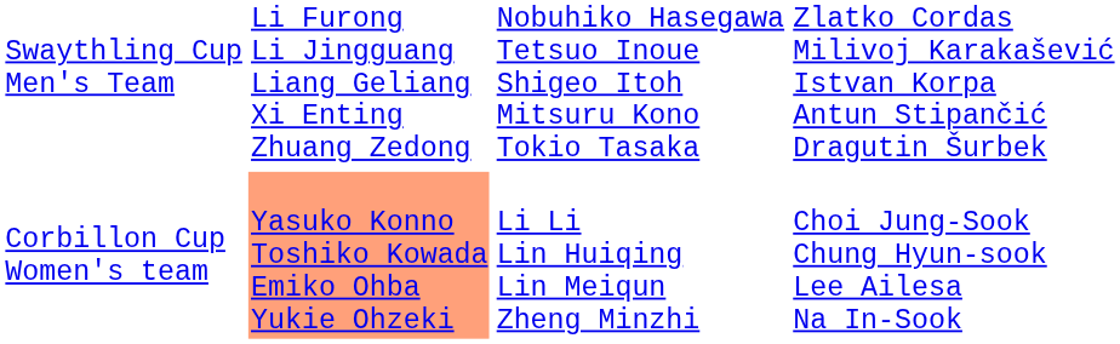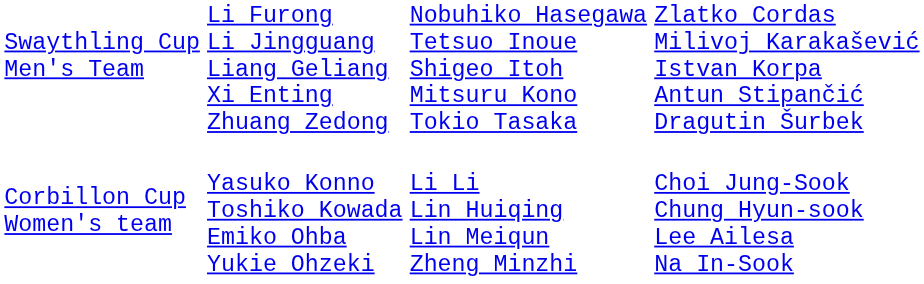 <table>
 <tr>
 <td><a href='#'>Swaythling Cup<br>Men's Team</a></td>
 <td><br><a href='#'>Li Furong</a><br><a href='#'>Li Jingguang</a><br><a href='#'>Liang Geliang</a><br><a href='#'>Xi Enting</a><br><a href='#'>Zhuang Zedong</a></td>
 <td><br><a href='#'>Nobuhiko Hasegawa</a><br><a href='#'>Tetsuo Inoue</a><br><a href='#'>Shigeo Itoh</a><br><a href='#'>Mitsuru Kono</a><br><a href='#'>Tokio Tasaka</a></td>
 <td><br><a href='#'>Zlatko Cordas</a><br><a href='#'>Milivoj Karakašević</a><br><a href='#'>Istvan Korpa</a><br><a href='#'>Antun Stipančić</a><br><a href='#'>Dragutin Šurbek</a></td>
 </tr>
 <tr>
 <td><a href='#'>Corbillon Cup<br>Women's team</a></td>
-<td style="background: lightsalmon;"><br><a href='#'>Yasuko Konno</a><br><a href='#'>Toshiko Kowada</a><br><a href='#'>Emiko Ohba</a><br><a href='#'>Yukie Ohzeki</a></td>
+<td><br><a href='#'>Yasuko Konno</a><br><a href='#'>Toshiko Kowada</a><br><a href='#'>Emiko Ohba</a><br><a href='#'>Yukie Ohzeki</a></td>
 <td><br><a href='#'>Li Li</a><br><a href='#'>Lin Huiqing</a><br><a href='#'>Lin Meiqun</a><br><a href='#'>Zheng Minzhi</a></td>
 <td><br><a href='#'>Choi Jung-Sook</a><br><a href='#'>Chung Hyun-sook</a><br><a href='#'>Lee Ailesa</a><br><a href='#'>Na In-Sook</a></td>
 </tr>
 </table>
